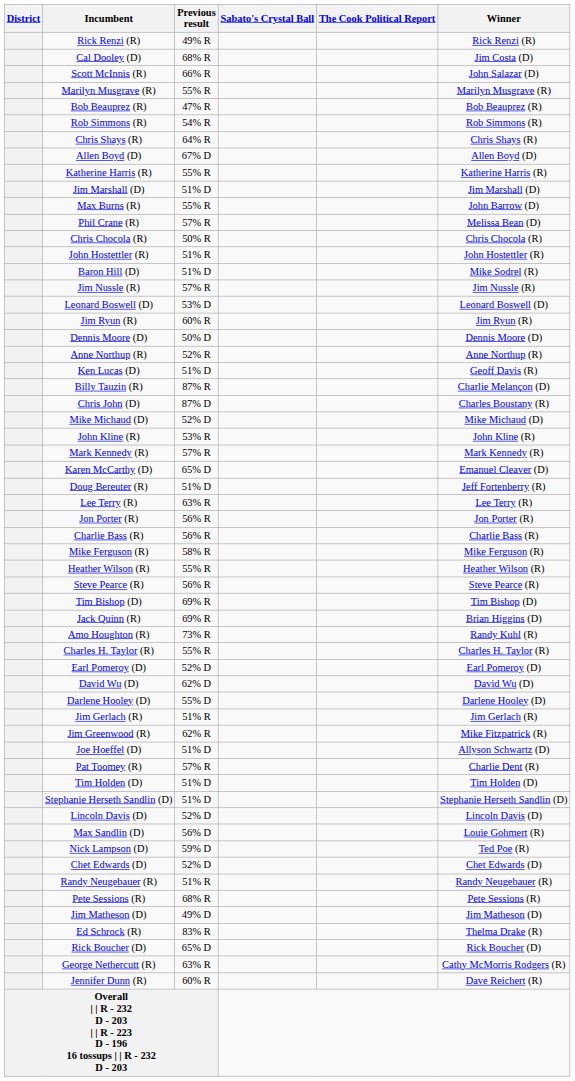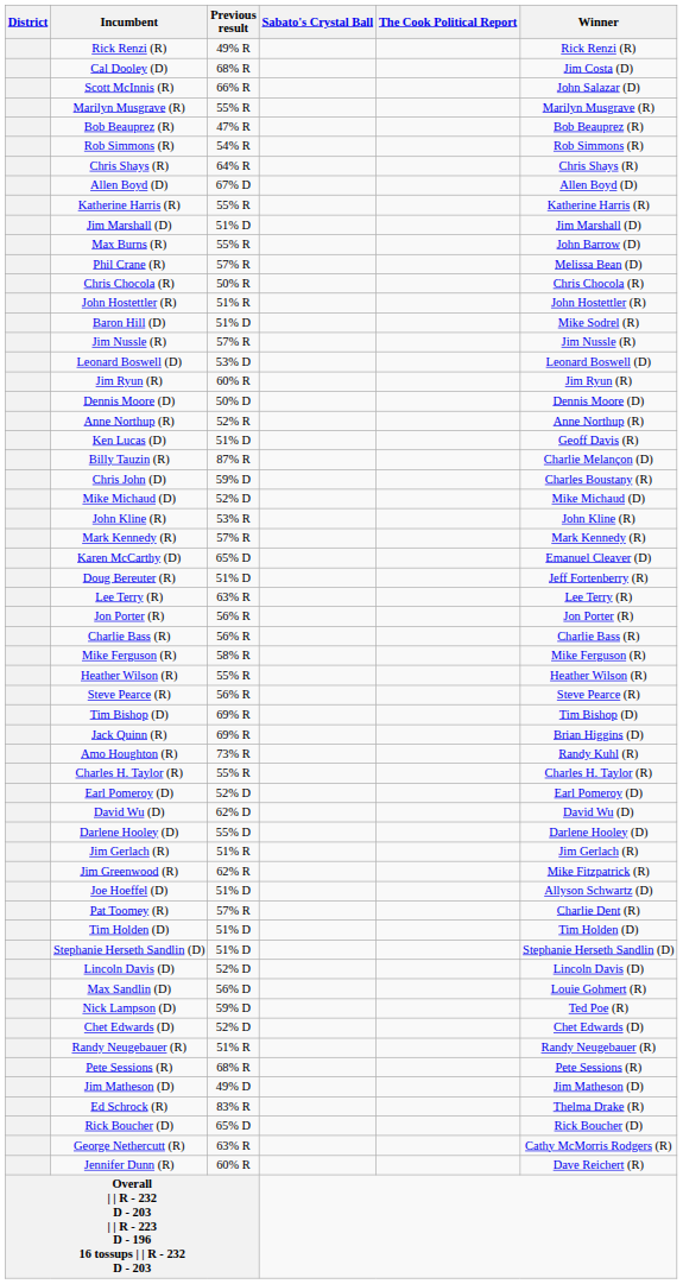 <table class="wikitable sortable" style="text-align:center">
 <tr>
 <th><a href='#'>District</a></th>
 <th class="unsortable">Incumbent</th>
 <th>Previous<br>result</th>
 <th><a href='#'>Sabato's Crystal Ball</a><br></th>
 <th><a href='#'>The Cook Political Report</a><br></th>
 <th>Winner</th>
 </tr>
 <tr>
 <th></th>
 <td><a href='#'>Rick Renzi</a> (R)</td>
 <td>49% R</td>
 <td></td>
 <td></td>
 <td data-sort-value=-1 ><a href='#'>Rick Renzi</a> (R)</td>
 </tr>
 <tr>
 <th></th>
 <td><a href='#'>Cal Dooley</a> (D) </td>
 <td>68% R</td>
 <td></td>
 <td></td>
 <td data-sort-value=1 ><a href='#'>Jim Costa</a> (D)</td>
 </tr>
 <tr>
 <th></th>
 <td><a href='#'>Scott McInnis</a> (R) </td>
 <td>66% R</td>
 <td></td>
 <td></td>
 <td data-sort-value=1 ><a href='#'>John Salazar</a> (D)</td>
 </tr>
 <tr>
 <th></th>
 <td><a href='#'>Marilyn Musgrave</a> (R)</td>
 <td>55% R</td>
 <td></td>
 <td></td>
 <td data-sort-value=-1 ><a href='#'>Marilyn Musgrave</a> (R)</td>
 </tr>
 <tr>
 <th></th>
 <td><a href='#'>Bob Beauprez</a> (R)</td>
 <td>47% R</td>
 <td></td>
 <td></td>
 <td data-sort-value=-1 ><a href='#'>Bob Beauprez</a> (R)</td>
 </tr>
 <tr>
 <th></th>
 <td><a href='#'>Rob Simmons</a> (R)</td>
 <td>54% R</td>
 <td></td>
 <td></td>
 <td data-sort-value=-1 ><a href='#'>Rob Simmons</a> (R)</td>
 </tr>
 <tr>
 <th></th>
 <td><a href='#'>Chris Shays</a> (R)</td>
 <td>64% R</td>
 <td></td>
 <td></td>
 <td data-sort-value=-1 ><a href='#'>Chris Shays</a> (R)</td>
 </tr>
 <tr>
 <th></th>
 <td><a href='#'>Allen Boyd</a> (D)</td>
 <td>67% D</td>
 <td></td>
 <td></td>
 <td data-sort-value=1 ><a href='#'>Allen Boyd</a> (D)</td>
 </tr>
 <tr>
 <th></th>
 <td><a href='#'>Katherine Harris</a> (R)</td>
 <td>55% R</td>
 <td></td>
 <td></td>
 <td data-sort-value=-1 ><a href='#'>Katherine Harris</a> (R)</td>
 </tr>
 <tr>
 <th></th>
 <td><a href='#'>Jim Marshall</a> (D)</td>
 <td>51% D</td>
 <td></td>
 <td></td>
 <td data-sort-value=1 ><a href='#'>Jim Marshall</a> (D)</td>
 </tr>
 <tr>
 <th></th>
 <td><a href='#'>Max Burns</a> (R)</td>
 <td>55% R</td>
 <td></td>
 <td></td>
 <td data-sort-value=1 ><a href='#'>John Barrow</a> (D)</td>
 </tr>
 <tr>
 <th></th>
 <td><a href='#'>Phil Crane</a> (R)</td>
 <td>57% R</td>
 <td></td>
 <td></td>
 <td data-sort-value=1 ><a href='#'>Melissa Bean</a> (D)</td>
 </tr>
 <tr>
 <th></th>
 <td><a href='#'>Chris Chocola</a> (R)</td>
 <td>50% R</td>
 <td></td>
 <td></td>
 <td data-sort-value=-1 ><a href='#'>Chris Chocola</a> (R)</td>
 </tr>
 <tr>
 <th></th>
 <td><a href='#'>John Hostettler</a> (R)</td>
 <td>51% R</td>
 <td></td>
 <td></td>
 <td data-sort-value=-1 ><a href='#'>John Hostettler</a> (R)</td>
 </tr>
 <tr>
 <th></th>
 <td><a href='#'>Baron Hill</a> (D)</td>
 <td>51% D</td>
 <td></td>
 <td></td>
 <td data-sort-value=-1 ><a href='#'>Mike Sodrel</a> (R)</td>
 </tr>
 <tr>
 <th></th>
 <td><a href='#'>Jim Nussle</a> (R)</td>
 <td>57% R</td>
 <td></td>
 <td></td>
 <td data-sort-value=-1 ><a href='#'>Jim Nussle</a> (R)</td>
 </tr>
 <tr>
 <th></th>
 <td><a href='#'>Leonard Boswell</a> (D)</td>
 <td>53% D</td>
 <td></td>
 <td></td>
 <td data-sort-value=1 ><a href='#'>Leonard Boswell</a> (D)</td>
 </tr>
 <tr>
 <th></th>
 <td><a href='#'>Jim Ryun</a> (R)</td>
 <td>60% R</td>
 <td></td>
 <td></td>
 <td data-sort-value=-1 ><a href='#'>Jim Ryun</a> (R)</td>
 </tr>
 <tr>
 <th></th>
 <td><a href='#'>Dennis Moore</a> (D)</td>
 <td>50% D</td>
 <td></td>
 <td></td>
 <td data-sort-value=1 ><a href='#'>Dennis Moore</a> (D)</td>
 </tr>
 <tr>
 <th></th>
 <td><a href='#'>Anne Northup</a> (R)</td>
 <td>52% R</td>
 <td></td>
 <td></td>
 <td data-sort-value=-1 ><a href='#'>Anne Northup</a> (R)</td>
 </tr>
 <tr>
 <th></th>
 <td><a href='#'>Ken Lucas</a> (D) </td>
 <td>51% D</td>
 <td></td>
 <td></td>
 <td data-sort-value=-1 ><a href='#'>Geoff Davis</a> (R)</td>
 </tr>
 <tr>
 <th></th>
 <td><a href='#'>Billy Tauzin</a> (R) </td>
 <td>87% R</td>
 <td></td>
 <td></td>
 <td data-sort-value=1 ><a href='#'>Charlie Melançon</a> (D)</td>
 </tr>
 <tr>
 <th></th>
 <td><a href='#'>Chris John</a> (D) </td>
-<td>87% D</td>
+<td>59% D</td>
 <td></td>
 <td></td>
 <td data-sort-value=-1 ><a href='#'>Charles Boustany</a> (R)</td>
 </tr>
 <tr>
 <th></th>
 <td><a href='#'>Mike Michaud</a> (D)</td>
 <td>52% D</td>
 <td></td>
 <td></td>
 <td data-sort-value=1 ><a href='#'>Mike Michaud</a> (D)</td>
 </tr>
 <tr>
 <th></th>
 <td><a href='#'>John Kline</a> (R)</td>
 <td>53% R</td>
 <td></td>
 <td></td>
 <td data-sort-value=-1 ><a href='#'>John Kline</a> (R)</td>
 </tr>
 <tr>
 <th></th>
 <td><a href='#'>Mark Kennedy</a> (R)</td>
 <td>57% R</td>
 <td></td>
 <td></td>
 <td data-sort-value=-1 ><a href='#'>Mark Kennedy</a> (R)</td>
 </tr>
 <tr>
 <th></th>
 <td><a href='#'>Karen McCarthy</a> (D) </td>
 <td>65% D</td>
 <td></td>
 <td></td>
 <td data-sort-value=1 ><a href='#'>Emanuel Cleaver</a> (D)</td>
 </tr>
 <tr>
 <th></th>
 <td><a href='#'>Doug Bereuter</a> (R) </td>
 <td>51% D</td>
 <td></td>
 <td></td>
 <td data-sort-value=-1 ><a href='#'>Jeff Fortenberry</a> (R)</td>
 </tr>
 <tr>
 <th></th>
 <td><a href='#'>Lee Terry</a> (R)</td>
 <td>63% R</td>
 <td></td>
 <td></td>
 <td data-sort-value=-1 ><a href='#'>Lee Terry</a> (R)</td>
 </tr>
 <tr>
 <th></th>
 <td><a href='#'>Jon Porter</a> (R)</td>
 <td>56% R</td>
 <td></td>
 <td></td>
 <td data-sort-value=-1 ><a href='#'>Jon Porter</a> (R)</td>
 </tr>
 <tr>
 <th></th>
 <td><a href='#'>Charlie Bass</a> (R)</td>
 <td>56% R</td>
 <td></td>
 <td></td>
 <td data-sort-value=-1 ><a href='#'>Charlie Bass</a> (R)</td>
 </tr>
 <tr>
 <th></th>
 <td><a href='#'>Mike Ferguson</a> (R)</td>
 <td>58% R</td>
 <td></td>
 <td></td>
 <td data-sort-value=-1 ><a href='#'>Mike Ferguson</a> (R)</td>
 </tr>
 <tr>
 <th></th>
 <td><a href='#'>Heather Wilson</a> (R)</td>
 <td>55% R</td>
 <td></td>
 <td></td>
 <td data-sort-value=-1 ><a href='#'>Heather Wilson</a> (R)</td>
 </tr>
 <tr>
 <th></th>
 <td><a href='#'>Steve Pearce</a> (R)</td>
 <td>56% R</td>
 <td></td>
 <td></td>
 <td data-sort-value=-1 ><a href='#'>Steve Pearce</a> (R)</td>
 </tr>
 <tr>
 <th></th>
 <td><a href='#'>Tim Bishop</a> (D)</td>
 <td>69% R</td>
 <td></td>
 <td></td>
 <td data-sort-value=1 ><a href='#'>Tim Bishop</a> (D)</td>
 </tr>
 <tr>
 <th></th>
 <td><a href='#'>Jack Quinn</a> (R) </td>
 <td>69% R</td>
 <td></td>
 <td></td>
 <td data-sort-value=1 ><a href='#'>Brian Higgins</a> (D)</td>
 </tr>
 <tr>
 <th></th>
 <td><a href='#'>Amo Houghton</a> (R) </td>
 <td>73% R</td>
 <td></td>
 <td></td>
 <td data-sort-value=-1 ><a href='#'>Randy Kuhl</a> (R)</td>
 </tr>
 <tr>
 <th></th>
 <td><a href='#'>Charles H. Taylor</a> (R)</td>
 <td>55% R</td>
 <td></td>
 <td></td>
 <td data-sort-value=-1 ><a href='#'>Charles H. Taylor</a> (R)</td>
 </tr>
 <tr>
 <th></th>
 <td><a href='#'>Earl Pomeroy</a> (D)</td>
 <td>52% D</td>
 <td></td>
 <td></td>
 <td data-sort-value=1 ><a href='#'>Earl Pomeroy</a> (D)</td>
 </tr>
 <tr>
 <th></th>
 <td><a href='#'>David Wu</a> (D)</td>
 <td>62% D</td>
 <td></td>
 <td></td>
 <td data-sort-value=1 ><a href='#'>David Wu</a> (D)</td>
 </tr>
 <tr>
 <th></th>
 <td><a href='#'>Darlene Hooley</a> (D)</td>
 <td>55% D</td>
 <td></td>
 <td></td>
 <td data-sort-value=1 ><a href='#'>Darlene Hooley</a> (D)</td>
 </tr>
 <tr>
 <th></th>
 <td><a href='#'>Jim Gerlach</a> (R)</td>
 <td>51% R</td>
 <td></td>
 <td></td>
 <td data-sort-value=-1 ><a href='#'>Jim Gerlach</a> (R)</td>
 </tr>
 <tr>
 <th></th>
 <td><a href='#'>Jim Greenwood</a> (R) </td>
 <td>62% R</td>
 <td></td>
 <td></td>
 <td data-sort-value=-1 ><a href='#'>Mike Fitzpatrick</a> (R)</td>
 </tr>
 <tr>
 <th></th>
 <td><a href='#'>Joe Hoeffel</a> (D) </td>
 <td>51% D</td>
 <td></td>
 <td></td>
 <td data-sort-value=1 ><a href='#'>Allyson Schwartz</a> (D)</td>
 </tr>
 <tr>
 <th></th>
 <td><a href='#'>Pat Toomey</a> (R) </td>
 <td>57% R</td>
 <td></td>
 <td></td>
 <td data-sort-value=-1 ><a href='#'>Charlie Dent</a> (R)</td>
 </tr>
 <tr>
 <th></th>
 <td><a href='#'>Tim Holden</a> (D) </td>
 <td>51% D</td>
 <td></td>
 <td></td>
 <td data-sort-value=1 ><a href='#'>Tim Holden</a> (D)</td>
 </tr>
 <tr>
 <th></th>
 <td><a href='#'>Stephanie Herseth Sandlin</a> (D)</td>
 <td>51% D</td>
 <td></td>
 <td></td>
 <td data-sort-value=1 ><a href='#'>Stephanie Herseth Sandlin</a> (D)</td>
 </tr>
 <tr>
 <th></th>
 <td><a href='#'>Lincoln Davis</a> (D)</td>
 <td>52% D</td>
 <td></td>
 <td></td>
 <td data-sort-value=1 ><a href='#'>Lincoln Davis</a> (D)</td>
 </tr>
 <tr>
 <th></th>
 <td><a href='#'>Max Sandlin</a> (D)</td>
 <td>56% D</td>
 <td></td>
 <td></td>
 <td data-sort-value=-1 ><a href='#'>Louie Gohmert</a> (R)</td>
 </tr>
 <tr>
 <th></th>
 <td><a href='#'>Nick Lampson</a> (D)</td>
 <td>59% D</td>
 <td></td>
 <td></td>
 <td data-sort-value=-1 ><a href='#'>Ted Poe</a> (R)</td>
 </tr>
 <tr>
 <th></th>
 <td><a href='#'>Chet Edwards</a> (D)</td>
 <td>52% D</td>
 <td></td>
 <td></td>
 <td data-sort-value=1 ><a href='#'>Chet Edwards</a> (D)</td>
 </tr>
 <tr>
 <th></th>
 <td><a href='#'>Randy Neugebauer</a> (R)</td>
 <td>51% R</td>
 <td></td>
 <td></td>
 <td data-sort-value=-1 ><a href='#'>Randy Neugebauer</a> (R)</td>
 </tr>
 <tr>
 <th></th>
 <td><a href='#'>Pete Sessions</a> (R)</td>
 <td>68% R</td>
 <td></td>
 <td></td>
 <td data-sort-value=-1 ><a href='#'>Pete Sessions</a> (R)</td>
 </tr>
 <tr>
 <th></th>
 <td><a href='#'>Jim Matheson</a> (D)</td>
 <td>49% D</td>
 <td></td>
 <td></td>
 <td data-sort-value=1 ><a href='#'>Jim Matheson</a> (D)</td>
 </tr>
 <tr>
 <th></th>
 <td><a href='#'>Ed Schrock</a> (R) </td>
 <td>83% R</td>
 <td></td>
 <td></td>
 <td data-sort-value=-1 ><a href='#'>Thelma Drake</a> (R)</td>
 </tr>
 <tr>
 <th></th>
 <td><a href='#'>Rick Boucher</a> (D)</td>
 <td>65% D</td>
 <td></td>
 <td></td>
 <td data-sort-value=1 ><a href='#'>Rick Boucher</a> (D)</td>
 </tr>
 <tr>
 <th></th>
 <td><a href='#'>George Nethercutt</a> (R) </td>
 <td>63% R</td>
 <td></td>
 <td></td>
 <td data-sort-value=-1 ><a href='#'>Cathy McMorris Rodgers</a> (R)</td>
 </tr>
 <tr>
 <th></th>
 <td><a href='#'>Jennifer Dunn</a> (R) </td>
 <td>60% R</td>
 <td></td>
 <td></td>
 <td data-sort-value=-1 ><a href='#'>Dave Reichert</a> (R)</td>
 </tr>
 <tr>
 <th colspan=3>Overall<br>|  | R - 232<br>D - 203<br> |  | R - 223<br>D - 196<br> 16 tossups |  | R - 232<br>D - 203</th>
 </tr>
 </table>
